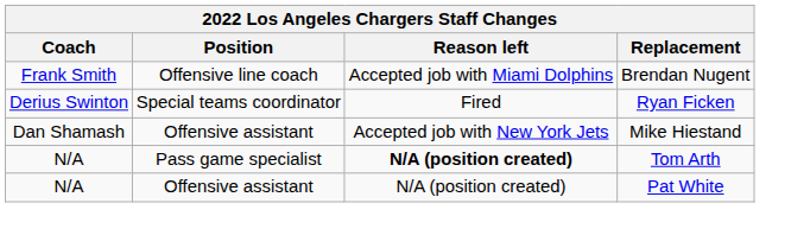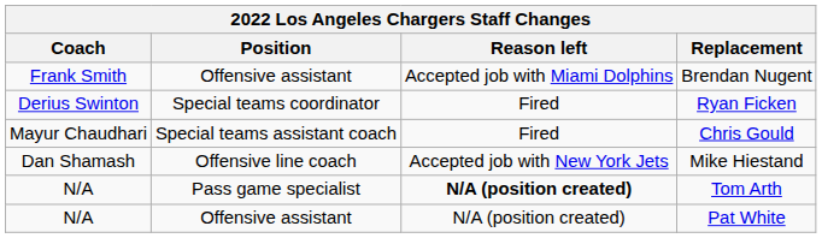 <table class="wikitable" style="text-align:center">
 <tr>
 <th colspan=4>2022 Los Angeles Chargers Staff Changes</th>
 </tr>
 <tr>
 <th>Coach</th>
 <th>Position</th>
 <th>Reason left</th>
 <th>Replacement</th>
 </tr>
 <tr>
 <td><a href='#'>Frank Smith</a></td>
-<td>Offensive line coach</td>
+<td>Offensive assistant</td>
 <td>Accepted job with <a href='#'>Miami Dolphins</a></td>
 <td>Brendan Nugent</td>
 </tr>
 <tr>
 <td><a href='#'>Derius Swinton</a></td>
 <td>Special teams coordinator</td>
 <td>Fired</td>
 <td><a href='#'>Ryan Ficken</a></td>
 </tr>
 <tr>
+<td>Mayur Chaudhari</td>
+<td>Special teams assistant coach</td>
+<td>Fired</td>
+<td><a href='#'>Chris Gould</a></td>
+</tr>
+<tr>
 <td>Dan Shamash</td>
-<td>Offensive assistant</td>
+<td>Offensive line coach</td>
 <td>Accepted job with <a href='#'>New York Jets</a></td>
 <td>Mike Hiestand</td>
 </tr>
 <tr>
 <td>N/A</td>
 <td>Pass game specialist</td>
 <td><strong>N/A (position created)</strong></td>
 <td><a href='#'>Tom Arth</a></td>
 </tr>
 <tr>
 <td>N/A</td>
 <td>Offensive assistant</td>
 <td>N/A (position created)</td>
 <td><a href='#'>Pat White</a></td>
 </tr>
 </table>
